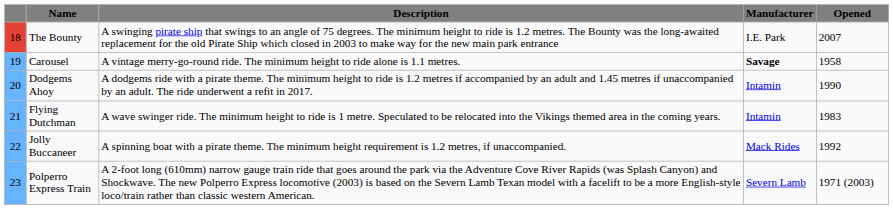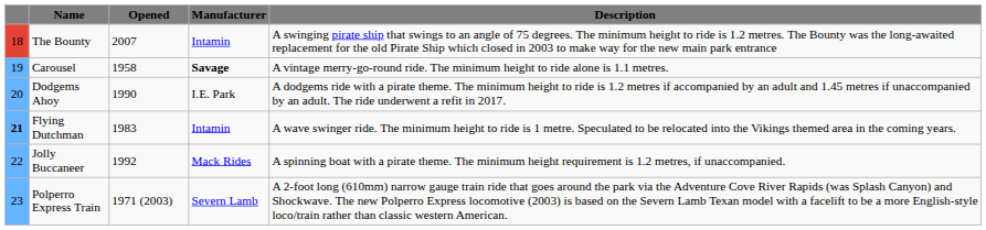 <table class="wikitable sortable" style="width: 100%; font sizes: 95%;">
 <tr>
 <th style="background-color: #808080; width: 1.5em;"></th>
 <th style="background-color: #808080; width: 6em;">Name</th>
+<th style="background-color: #808080; width: 6em;">Opened</th>
+<th style="background-color: #808080; width: 6em;">Manufacturer</th>
 <th style="background-color: #808080;">Description</th>
-<th style="background-color: #808080; width: 6em;">Manufacturer</th>
-<th style="background-color: #808080; width: 6em;">Opened</th>
 </tr>
 <tr>
 <td bgcolor="#e34234" style="text-align: center;">18</td>
 <td>The Bounty</td>
+<td>2007</td>
+<td><a href='#'>Intamin</a></td>
 <td>A swinging <a href='#'>pirate ship</a> that swings to an angle of 75 degrees. The minimum height to ride is 1.2 metres. The Bounty was the long-awaited replacement for the old Pirate Ship which closed in 2003 to make way for the new main park entrance</td>
-<td>I.E. Park</td>
-<td>2007</td>
 </tr>
 <tr>
 <td bgcolor="#66b3ff" style="text-align: center;">19</td>
 <td>Carousel</td>
+<td>1958</td>
+<td><strong>Savage</strong></td>
 <td>A vintage merry-go-round ride. The minimum height to ride alone is 1.1 metres.</td>
-<td><strong>Savage</strong></td>
-<td>1958</td>
 </tr>
 <tr>
 <td bgcolor="#66b3ff" style="text-align: center;">20</td>
 <td>Dodgems Ahoy</td>
+<td>1990</td>
+<td>I.E. Park</td>
 <td>A dodgems ride with a pirate theme. The minimum height to ride is 1.2 metres if accompanied by an adult and 1.45 metres if unaccompanied by an adult. The ride underwent a refit in 2017.</td>
-<td><a href='#'>Intamin</a></td>
-<td>1990</td>
 </tr>
 <tr>
-<td bgcolor="#66b3ff" style="text-align: center;">21</td>
+<td bgcolor="#66b3ff" style="text-align: center;"><strong>21</strong></td>
 <td>Flying Dutchman</td>
+<td>1983</td>
+<td><a href='#'>Intamin</a></td>
 <td>A wave swinger ride. The minimum height to ride is 1 metre. Speculated to be relocated into the Vikings themed area in the coming years.</td>
-<td><a href='#'>Intamin</a></td>
-<td>1983</td>
 </tr>
 <tr>
 <td bgcolor="#66b3ff" style="text-align: center;">22</td>
 <td>Jolly Buccaneer</td>
+<td>1992</td>
+<td><a href='#'>Mack Rides</a></td>
 <td>A spinning boat with a pirate theme. The minimum height requirement is 1.2 metres, if unaccompanied.</td>
-<td><a href='#'>Mack Rides</a></td>
-<td>1992</td>
 </tr>
 <tr>
 <td bgcolor="#66b3ff" style="text-align: center;">23</td>
 <td>Polperro Express Train</td>
+<td>1971 (2003)</td>
+<td><a href='#'>Severn Lamb</a></td>
 <td>A 2-foot long (610mm) narrow gauge train ride that goes around the park via the Adventure Cove River Rapids (was Splash Canyon) and Shockwave. The new Polperro Express locomotive (2003) is based on the Severn Lamb Texan model with a facelift to be a more English-style loco/train rather than classic western American.</td>
-<td><a href='#'>Severn Lamb</a></td>
-<td>1971 (2003)</td>
 </tr>
 </table>
